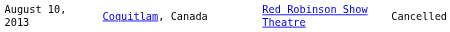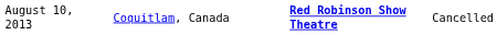 <table cellpadding="2" style="border: 0px solid darkgray; font-size:90%">
 <tr>
 <th width="150"></th>
 <th width="250"></th>
 <th width="200"></th>
 <th width="700"></th>
 </tr>
 <tr border="0">
 <td>August 10, 2013</td>
 <td><a href='#'>Coquitlam</a>, Canada</td>
-<td><a href='#'>Red Robinson Show Theatre</a></td>
+<td><strong><a href='#'>Red Robinson Show Theatre</a></strong></td>
 <td>Cancelled</td>
 </tr>
 </table>
